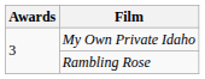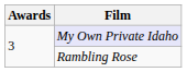 <table class="wikitable">
 <tr>
 <th>Awards</th>
 <th>Film</th>
 </tr>
 <tr>
 <td rowspan="2">3</td>
-<td><em>My Own Private Idaho</em></td>
+<td style="background: lavender;"><em>My Own Private Idaho</em></td>
 </tr>
 <tr>
 <td><em>Rambling Rose</em></td>
 </tr>
 </table>
